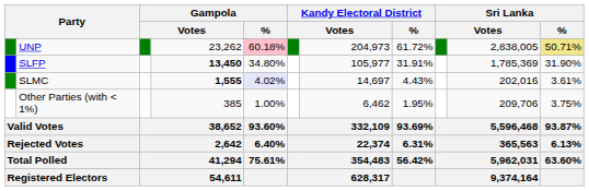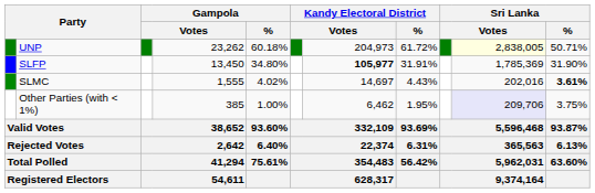 <table class="wikitable">
 <tr>
 <th colspan="2" width="144px"rowspan="2">Party</th>
 <th colspan="3" width="216px">Gampola</th>
 <th colspan="3" width="216px"><a href='#'>Kandy Electoral District</a></th>
 <th colspan="3" width="216px">Sri Lanka</th>
 </tr>
 <tr>
 <th colspan="2" width="144px">Votes</th>
 <th>%</th>
 <th colspan="2" width="144px">Votes</th>
 <th>%</th>
 <th colspan="2" width="144px">Votes</th>
 <th>%</th>
 </tr>
 <tr>
 <td style="background-color:green;" width="10px"></td>
 <td style="text-align:left;"><a href='#'>UNP</a></td>
 <td style="background-color:green;" width="10px"></td>
 <td style="text-align:right;">23,262</td>
-<td style="background: pink; text-align:right;">60.18%</td>
+<td style="text-align:right;">60.18%</td>
 <td style="background-color:green;" width="10px"></td>
 <td style="text-align:right;">204,973</td>
 <td style="text-align:right;">61.72%</td>
 <td style="background-color:green;" width="10px"></td>
-<td style="text-align:right;">2,838,005</td>
-<td style="background: khaki; text-align:right;">50.71%</td>
+<td style="background: lightyellow; text-align:right;">2,838,005</td>
+<td style="text-align:right;">50.71%</td>
 </tr>
 <tr>
 <td style="background-color:blue;" width="10px"></td>
 <td style="text-align:left;"><a href='#'>SLFP</a></td>
 <td style="background-color:white;" width="10px"></td>
-<td style="text-align:right;"><strong>13,450</strong></td>
+<td style="text-align:right;">13,450</td>
 <td style="text-align:right;">34.80%</td>
 <td style="background-color:white;" width="10px"></td>
-<td style="text-align:right;">105,977</td>
+<td style="text-align:right;"><strong>105,977</strong></td>
 <td style="text-align:right;">31.91%</td>
 <td style="background-color:white;" width="10px"></td>
 <td style="text-align:right;">1,785,369</td>
 <td style="text-align:right;">31.90%</td>
 </tr>
 <tr>
 <td style="background-color:#008800;" width="10px"></td>
 <td style="text-align:left;">SLMC</td>
 <td style="background-color:white;" width="10px"></td>
-<td style="text-align:right;"><strong>1,555</strong></td>
-<td style="background: lavender; text-align:right;">4.02%</td>
+<td style="text-align:right;">1,555</td>
+<td style="text-align:right;">4.02%</td>
 <td style="background-color:white;" width="10px"></td>
 <td style="text-align:right;">14,697</td>
 <td style="text-align:right;">4.43%</td>
 <td style="background-color:white;" width="10px"></td>
 <td style="text-align:right;">202,016</td>
-<td style="text-align:right;">3.61%</td>
+<td style="text-align:right;"><strong>3.61%</strong></td>
 </tr>
 <tr>
 <td style="background-color:white;" width="10px"></td>
 <td style="text-align:left;">Other Parties (with < 1%)</td>
 <td style="background-color:white;" width="10px"></td>
 <td style="text-align:right;">385</td>
 <td style="text-align:right;">1.00%</td>
 <td style="background-color:white;" width="10px"></td>
 <td style="text-align:right;">6,462</td>
 <td style="text-align:right;">1.95%</td>
 <td style="background-color:white;" width="10px"></td>
-<td style="text-align:right;">209,706</td>
+<td style="background: lavender; text-align:right;">209,706</td>
 <td style="text-align:right;">3.75%</td>
 </tr>
 <tr>
 <th colspan="2" width="144px"style="text-align:left;">Valid Votes</th>
 <th style="text-align:right;"colspan="2" width="144px">38,652</th>
 <th style="text-align:right;">93.60%</th>
 <th style="text-align:right;"colspan="2" width="144px">332,109</th>
 <th style="text-align:right;">93.69%</th>
 <th style="text-align:right;"colspan="2" width="144px">5,596,468</th>
 <th style="text-align:right;">93.87%</th>
 </tr>
 <tr>
 <th colspan="2" width="144px"style="text-align:left;">Rejected Votes</th>
 <th style="text-align:right;"colspan="2" width="144px">2,642</th>
 <th style="text-align:right;">6.40%</th>
 <th style="text-align:right;"colspan="2" width="144px">22,374</th>
 <th style="text-align:right;">6.31%</th>
 <th style="text-align:right;"colspan="2" width="144px">365,563</th>
 <th style="text-align:right;">6.13%</th>
 </tr>
 <tr>
 <th colspan="2" width="144px"style="text-align:left;">Total Polled</th>
 <th style="text-align:right;"colspan="2" width="144px">41,294</th>
 <th style="text-align:right;">75.61%</th>
 <th style="text-align:right;"colspan="2" width="144px">354,483</th>
 <th style="text-align:right;">56.42%</th>
 <th style="text-align:right;"colspan="2" width="144px">5,962,031</th>
 <th style="text-align:right;">63.60%</th>
 </tr>
 <tr>
 <th colspan="2" width="144px"style="text-align:left;">Registered Electors</th>
 <th style="text-align:right;"colspan="2" width="144px">54,611</th>
 <th></th>
 <th style="text-align:right;"colspan="2" width="144px">628,317</th>
 <th></th>
 <th style="text-align:right;"colspan="2" width="144px">9,374,164</th>
 <th></th>
 </tr>
 </table>
